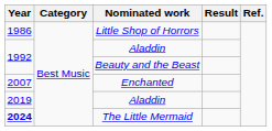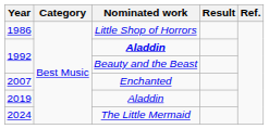 <table class="wikitable plainrowheaders" style="text-align:center;">
 <tr>
 <th>Year</th>
 <th>Category</th>
 <th>Nominated work</th>
 <th>Result</th>
 <th>Ref.</th>
 </tr>
 <tr>
 <td><a href='#'>1986</a></td>
 <td rowspan="6"><a href='#'>Best Music</a></td>
 <td><em><a href='#'>Little Shop of Horrors</a></em></td>
 <td></td>
 <td rowspan="6"></td>
 </tr>
 <tr>
 <td rowspan="2"><a href='#'>1992</a></td>
-<td><em><a href='#'>Aladdin</a></em></td>
+<td><strong><em><a href='#'>Aladdin</a></em></strong></td>
 <td></td>
 </tr>
 <tr>
 <td><em><a href='#'>Beauty and the Beast</a></em></td>
 <td></td>
 </tr>
 <tr>
 <td><a href='#'>2007</a></td>
 <td><em><a href='#'>Enchanted</a></em></td>
 <td></td>
 </tr>
 <tr>
 <td><a href='#'>2019</a></td>
 <td><em><a href='#'>Aladdin</a></em></td>
 <td></td>
 </tr>
 <tr>
-<td><strong><a href='#'>2024</a></strong></td>
+<td><a href='#'>2024</a></td>
 <td><em><a href='#'>The Little Mermaid</a></em></td>
 <td></td>
 </tr>
 </table>
